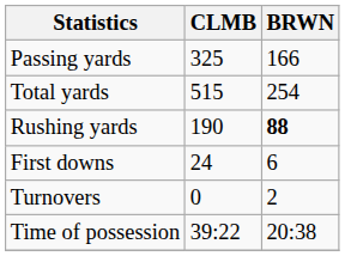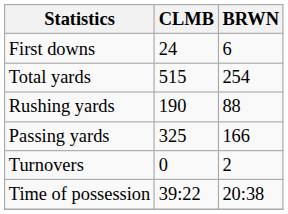 <table class="wikitable">
 <tr>
 <th>Statistics</th>
 <th>CLMB</th>
 <th>BRWN</th>
 </tr>
 <tr>
-<td>Passing yards</td>
-<td>325</td>
-<td>166</td>
+<td>First downs</td>
+<td>24</td>
+<td>6</td>
 </tr>
 <tr>
 <td>Total yards</td>
 <td>515</td>
 <td>254</td>
 </tr>
 <tr>
 <td>Rushing yards</td>
 <td>190</td>
-<td><strong>88</strong></td>
+<td>88</td>
 </tr>
 <tr>
-<td>First downs</td>
-<td>24</td>
-<td>6</td>
+<td>Passing yards</td>
+<td>325</td>
+<td>166</td>
 </tr>
 <tr>
 <td>Turnovers</td>
 <td>0</td>
 <td>2</td>
 </tr>
 <tr>
 <td>Time of possession</td>
 <td>39:22</td>
 <td>20:38</td>
 </tr>
 <tr>
 </tr>
 </table>
